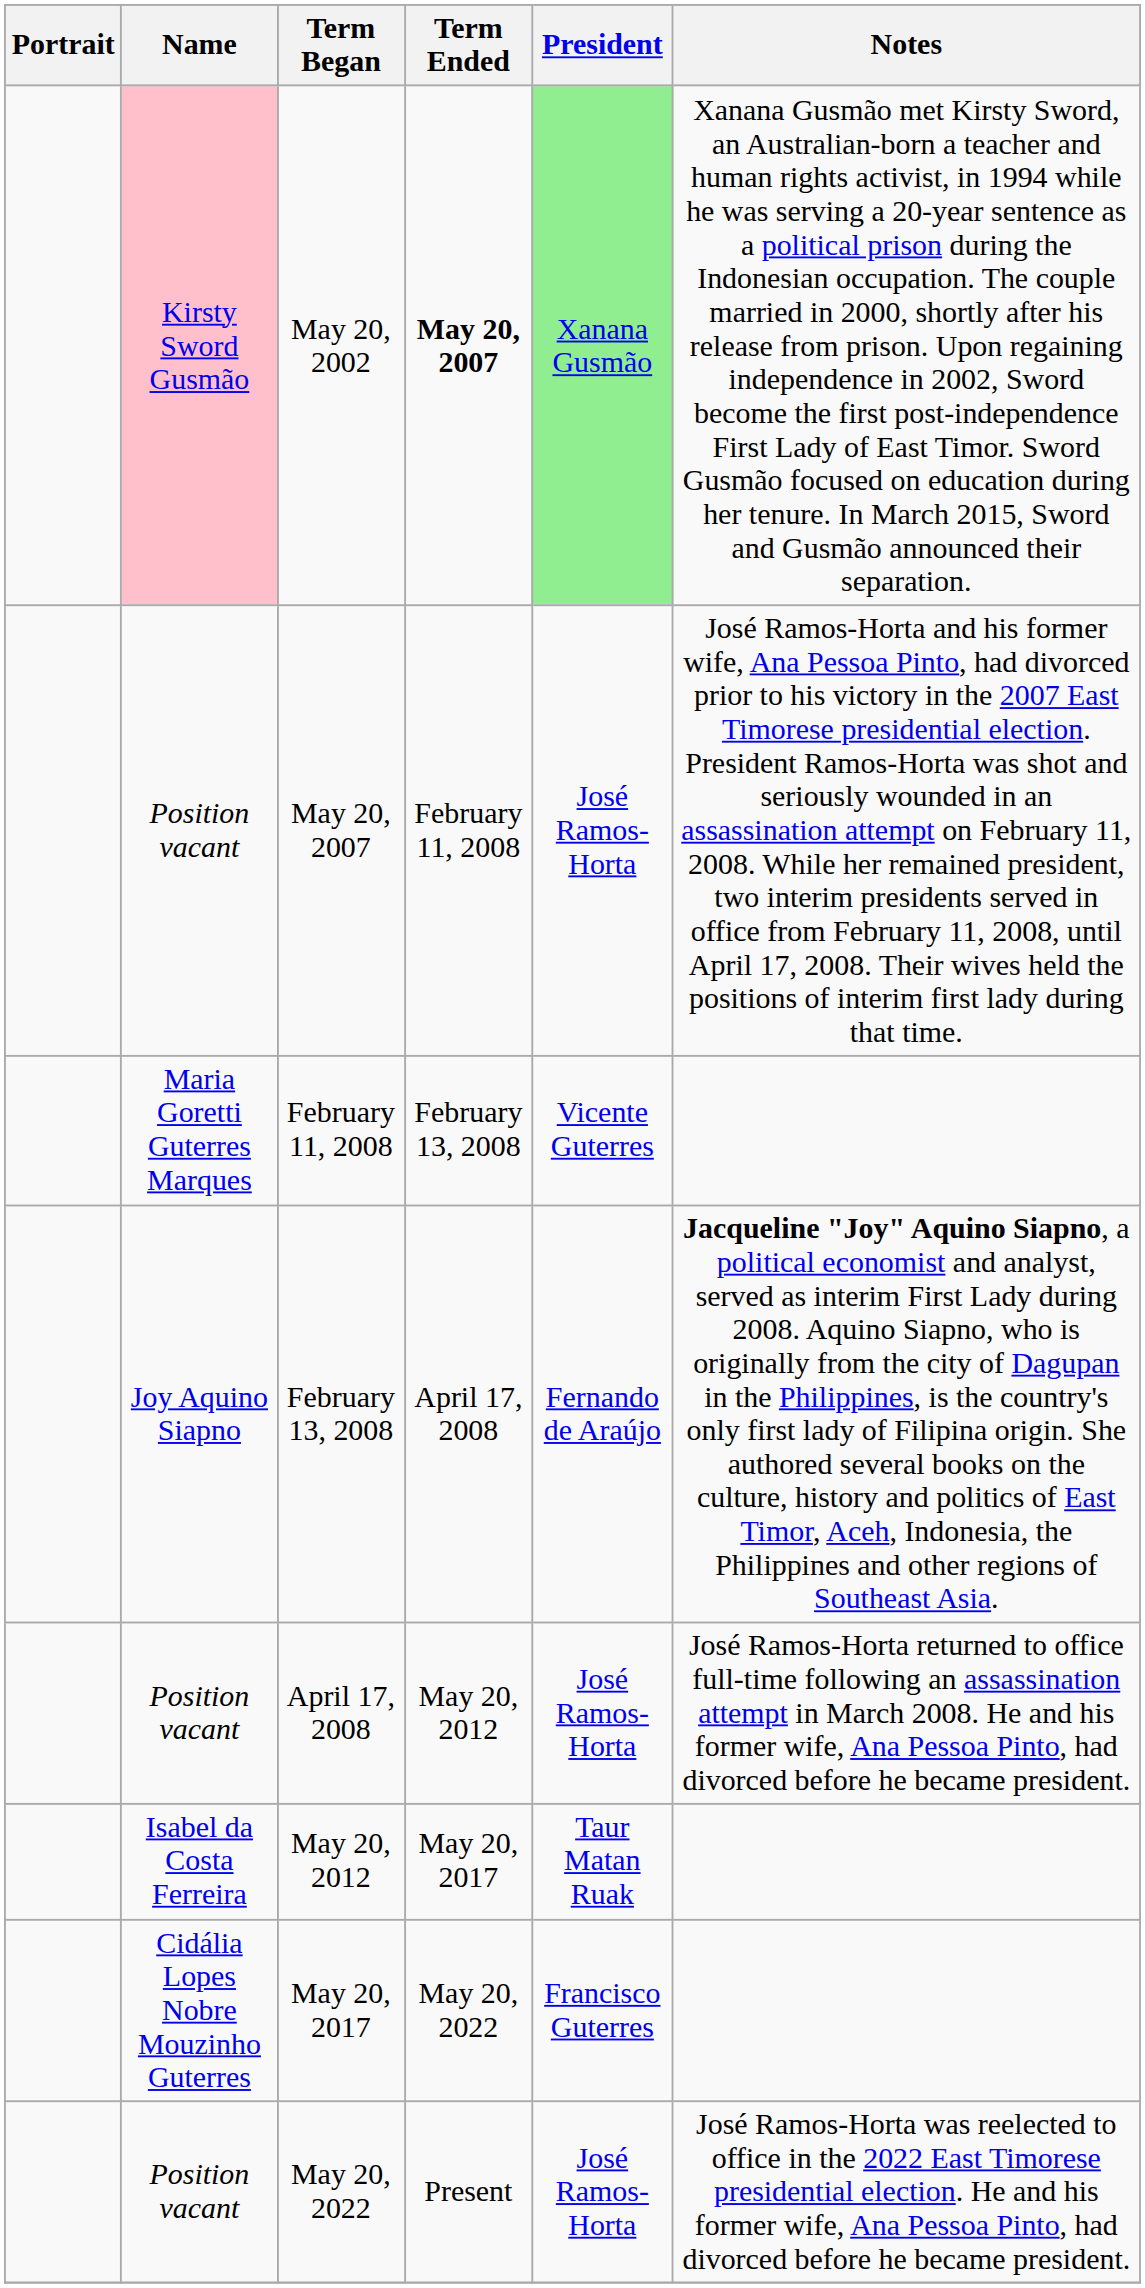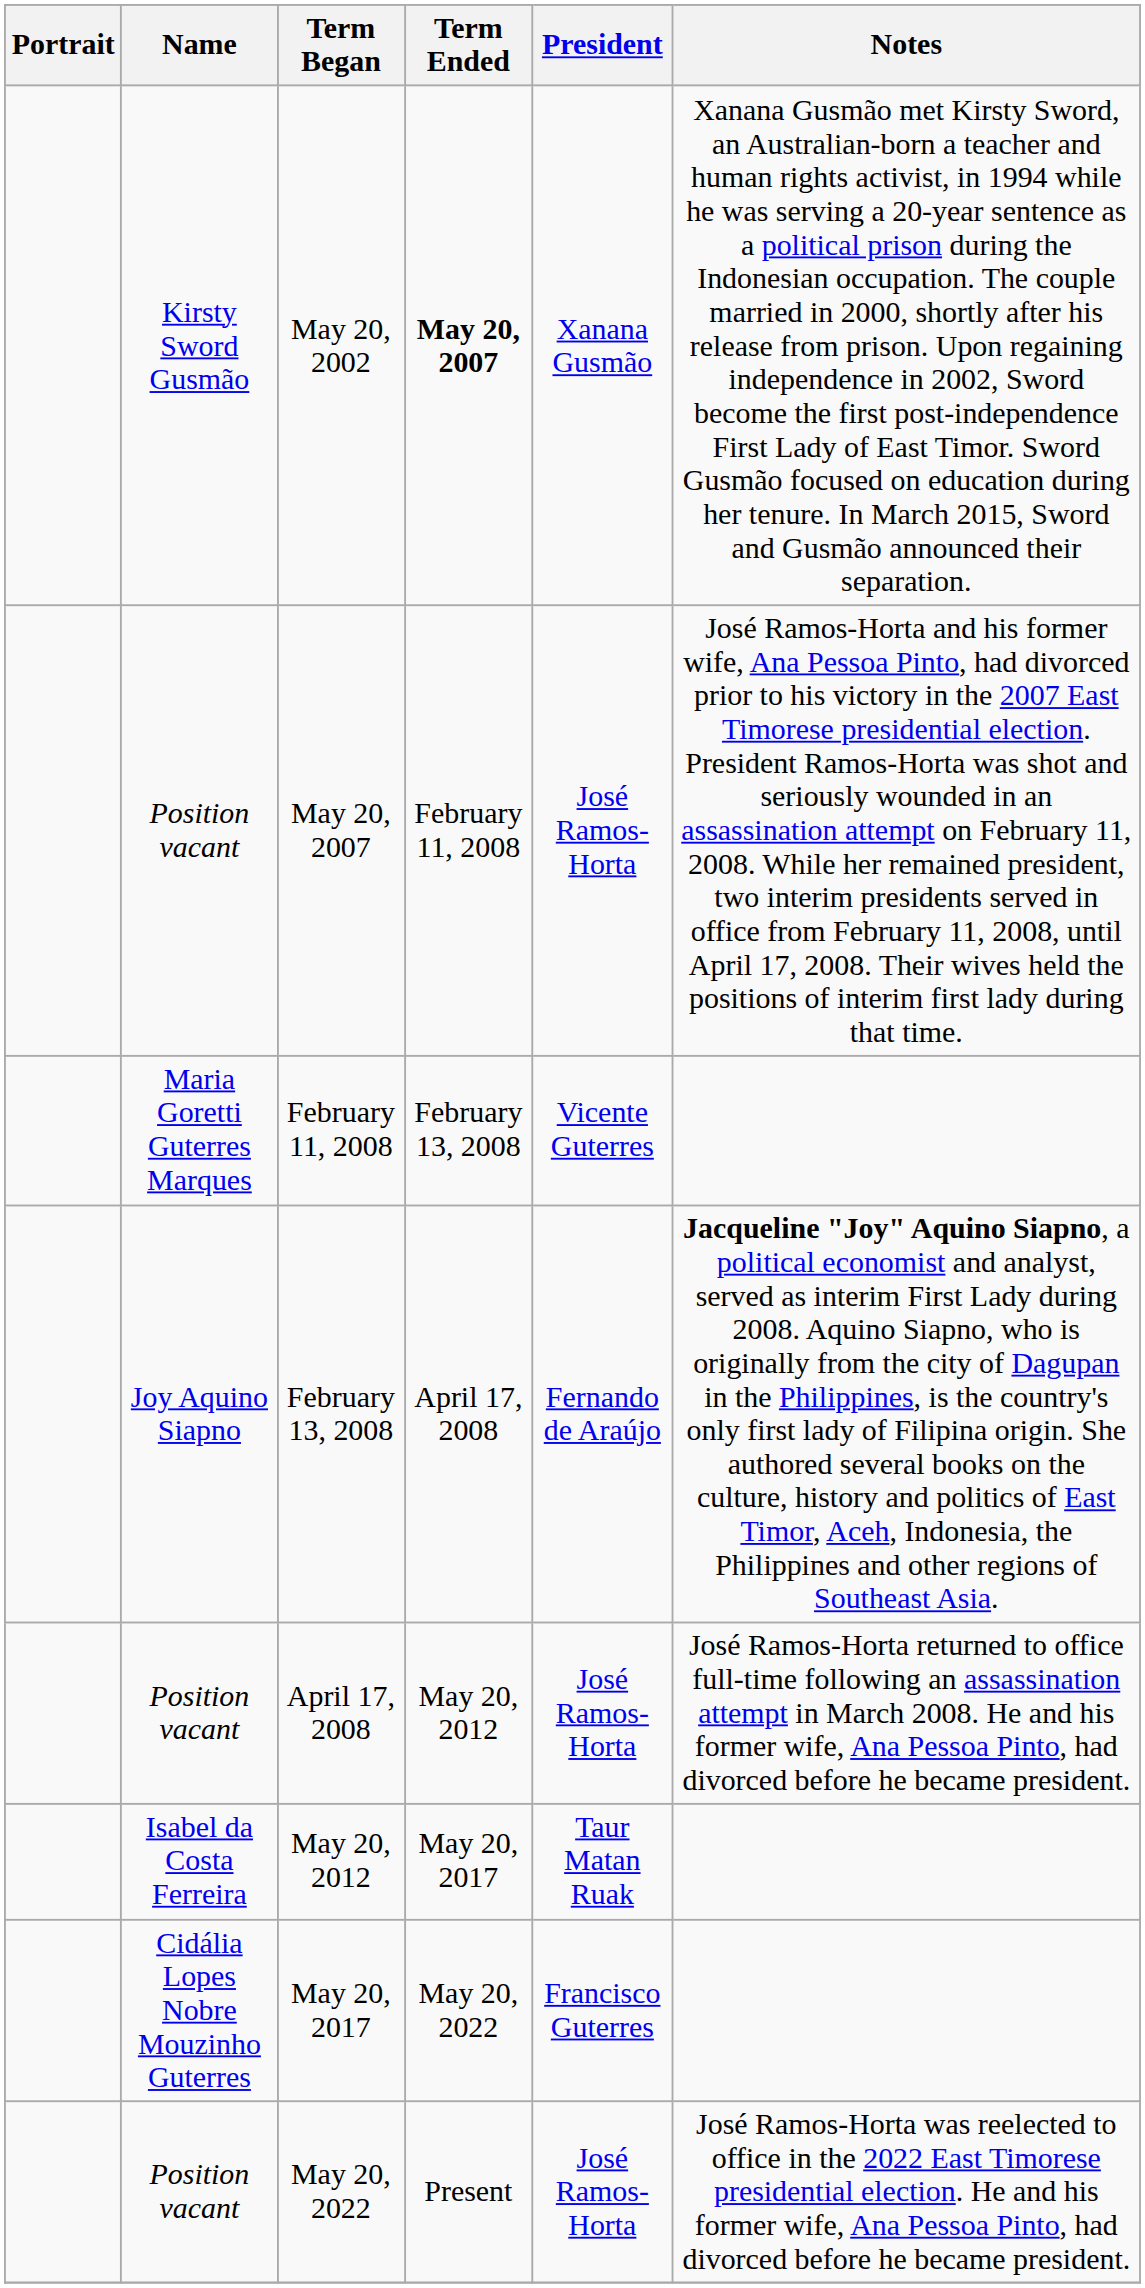 <table class="wikitable" style="text-align:center">
 <tr>
 <th>Portrait</th>
 <th>Name</th>
 <th>Term Began</th>
 <th>Term Ended</th>
 <th><a href='#'>President</a></th>
 <th>Notes</th>
 </tr>
 <tr>
 <td></td>
-<td style="background: pink;"><a href='#'>Kirsty Sword Gusmão</a></td>
+<td><a href='#'>Kirsty Sword Gusmão</a></td>
 <td>May 20, 2002</td>
 <td><strong>May 20, 2007</strong></td>
-<td style="background: lightgreen;"><a href='#'>Xanana Gusmão</a></td>
+<td><a href='#'>Xanana Gusmão</a></td>
 <td>Xanana Gusmão met Kirsty Sword, an Australian-born a teacher and human rights activist, in 1994 while he was serving a 20-year sentence as a <a href='#'>political prison</a> during the Indonesian occupation. The couple married in 2000, shortly after his release from prison. Upon regaining independence in 2002, Sword become the first post-independence First Lady of East Timor. Sword Gusmão focused on education during her tenure. In March 2015, Sword and Gusmão announced their separation.</td>
 </tr>
 <tr>
 <td></td>
 <td><em>Position vacant</em></td>
 <td>May 20, 2007</td>
 <td>February 11, 2008</td>
 <td><a href='#'>José Ramos-Horta</a></td>
 <td>José Ramos-Horta and his former wife, <a href='#'>Ana Pessoa Pinto</a>, had divorced prior to his victory in the <a href='#'>2007 East Timorese presidential election</a>. President Ramos-Horta was shot and seriously wounded in an <a href='#'>assassination attempt</a> on February 11, 2008. While her remained president, two interim presidents served in office from February 11, 2008, until April 17, 2008. Their wives held the positions of interim first lady during that time.</td>
 </tr>
 <tr>
 <td></td>
 <td><a href='#'>Maria Goretti Guterres Marques</a></td>
 <td>February 11, 2008</td>
 <td>February 13, 2008</td>
 <td><a href='#'>Vicente Guterres</a></td>
 <td></td>
 </tr>
 <tr>
 <td></td>
 <td><a href='#'>Joy Aquino Siapno</a></td>
 <td>February 13, 2008</td>
 <td>April 17, 2008</td>
 <td><a href='#'>Fernando de Araújo</a></td>
 <td><strong>Jacqueline "Joy" Aquino Siapno</strong>, a <a href='#'>political economist</a> and analyst, served as interim First Lady during 2008. Aquino Siapno, who is originally from the city of <a href='#'>Dagupan</a> in the <a href='#'>Philippines</a>, is the country's only first lady of Filipina origin. She authored several books on the culture, history and politics of <a href='#'>East Timor</a>, <a href='#'>Aceh</a>, Indonesia, the Philippines and other regions of <a href='#'>Southeast Asia</a>.</td>
 </tr>
 <tr>
 <td></td>
 <td><em>Position vacant</em></td>
 <td>April 17, 2008</td>
 <td>May 20, 2012</td>
 <td><a href='#'>José Ramos-Horta</a></td>
 <td>José Ramos-Horta returned to office full-time following an <a href='#'>assassination attempt</a> in March 2008. He and his former wife, <a href='#'>Ana Pessoa Pinto</a>, had divorced before he became president.</td>
 </tr>
 <tr>
 <td></td>
 <td><a href='#'>Isabel da Costa Ferreira</a></td>
 <td>May 20, 2012</td>
 <td>May 20, 2017</td>
 <td><a href='#'>Taur Matan Ruak</a></td>
 <td></td>
 </tr>
 <tr>
 <td></td>
 <td><a href='#'>Cidália Lopes Nobre Mouzinho Guterres</a></td>
 <td>May 20, 2017</td>
 <td>May 20, 2022</td>
 <td><a href='#'>Francisco Guterres</a></td>
 <td></td>
 </tr>
 <tr>
 <td></td>
 <td><em>Position vacant</em></td>
 <td>May 20, 2022</td>
 <td>Present</td>
 <td><a href='#'>José Ramos-Horta</a></td>
 <td>José Ramos-Horta was reelected to office  in the <a href='#'>2022 East Timorese presidential election</a>. He and his former wife, <a href='#'>Ana Pessoa Pinto</a>, had divorced before he became president.</td>
 </tr>
 <tr>
 </tr>
 </table>
